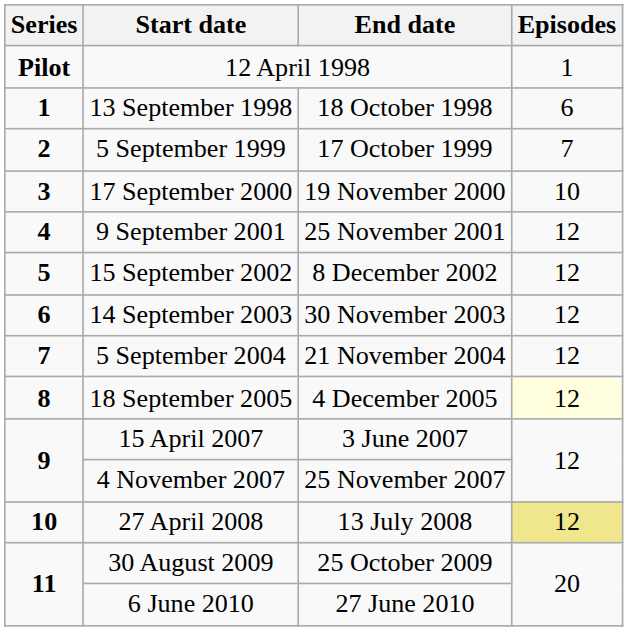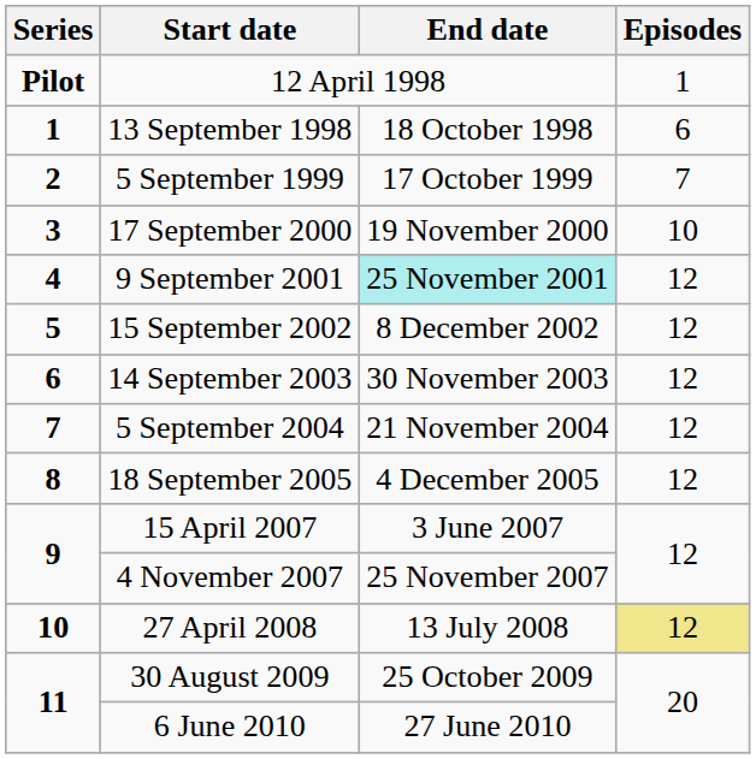 <table class="wikitable" style="text-align:center;">
 <tr>
 <th>Series</th>
 <th>Start date</th>
 <th>End date</th>
 <th>Episodes</th>
 </tr>
 <tr>
 <td><strong>Pilot</strong></td>
 <td colspan="2">12 April 1998</td>
 <td>1</td>
 </tr>
 <tr>
 <td><strong>1</strong></td>
 <td>13 September 1998</td>
 <td>18 October 1998</td>
 <td>6</td>
 </tr>
 <tr>
 <td><strong>2</strong></td>
 <td>5 September 1999</td>
 <td>17 October 1999</td>
 <td>7</td>
 </tr>
 <tr>
 <td><strong>3</strong></td>
 <td>17 September 2000</td>
 <td>19 November 2000</td>
 <td>10</td>
 </tr>
 <tr>
 <td><strong>4</strong></td>
 <td>9 September 2001</td>
-<td>25 November 2001</td>
+<td style="background: paleturquoise;">25 November 2001</td>
 <td>12</td>
 </tr>
 <tr>
 <td><strong>5</strong></td>
 <td>15 September 2002</td>
 <td>8 December 2002</td>
 <td>12</td>
 </tr>
 <tr>
 <td><strong>6</strong></td>
 <td>14 September 2003</td>
 <td>30 November 2003</td>
 <td>12</td>
 </tr>
 <tr>
 <td><strong>7</strong></td>
 <td>5 September 2004</td>
 <td>21 November 2004</td>
 <td>12</td>
 </tr>
 <tr>
 <td><strong>8</strong></td>
 <td>18 September 2005</td>
 <td>4 December 2005</td>
-<td style="background: lightyellow;">12</td>
+<td>12</td>
 </tr>
 <tr>
 <td rowspan="2"><strong>9</strong></td>
 <td>15 April 2007</td>
 <td>3 June 2007</td>
 <td rowspan="2">12</td>
 </tr>
 <tr>
 <td>4 November 2007</td>
 <td>25 November 2007</td>
 </tr>
 <tr>
 <td><strong>10</strong></td>
 <td>27 April 2008</td>
 <td>13 July 2008</td>
 <td style="background: khaki;">12</td>
 </tr>
 <tr>
 <td rowspan="2"><strong>11</strong></td>
 <td>30 August 2009</td>
 <td>25 October 2009</td>
 <td rowspan="2">20</td>
 </tr>
 <tr>
 <td>6 June 2010</td>
 <td>27 June 2010</td>
 </tr>
 </table>
